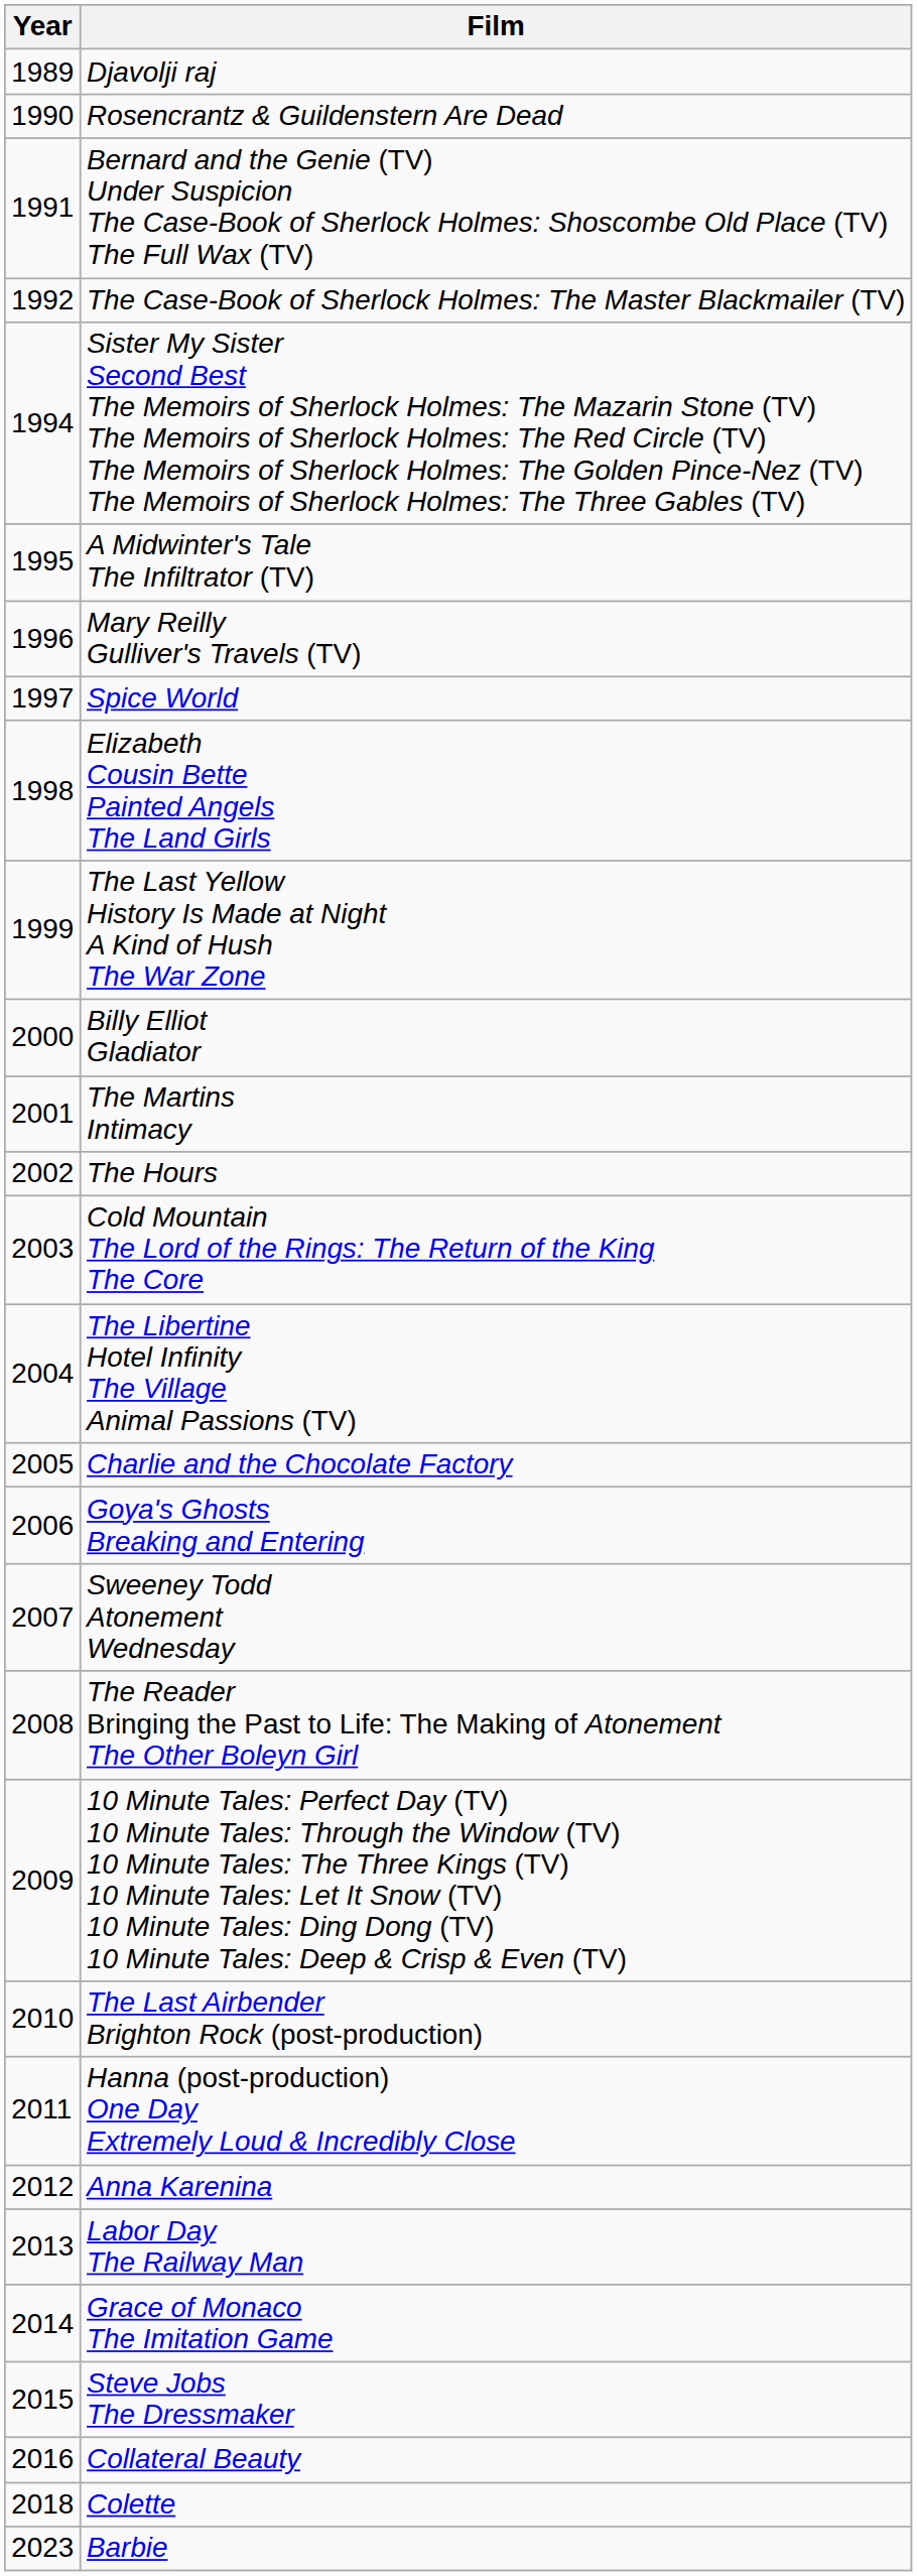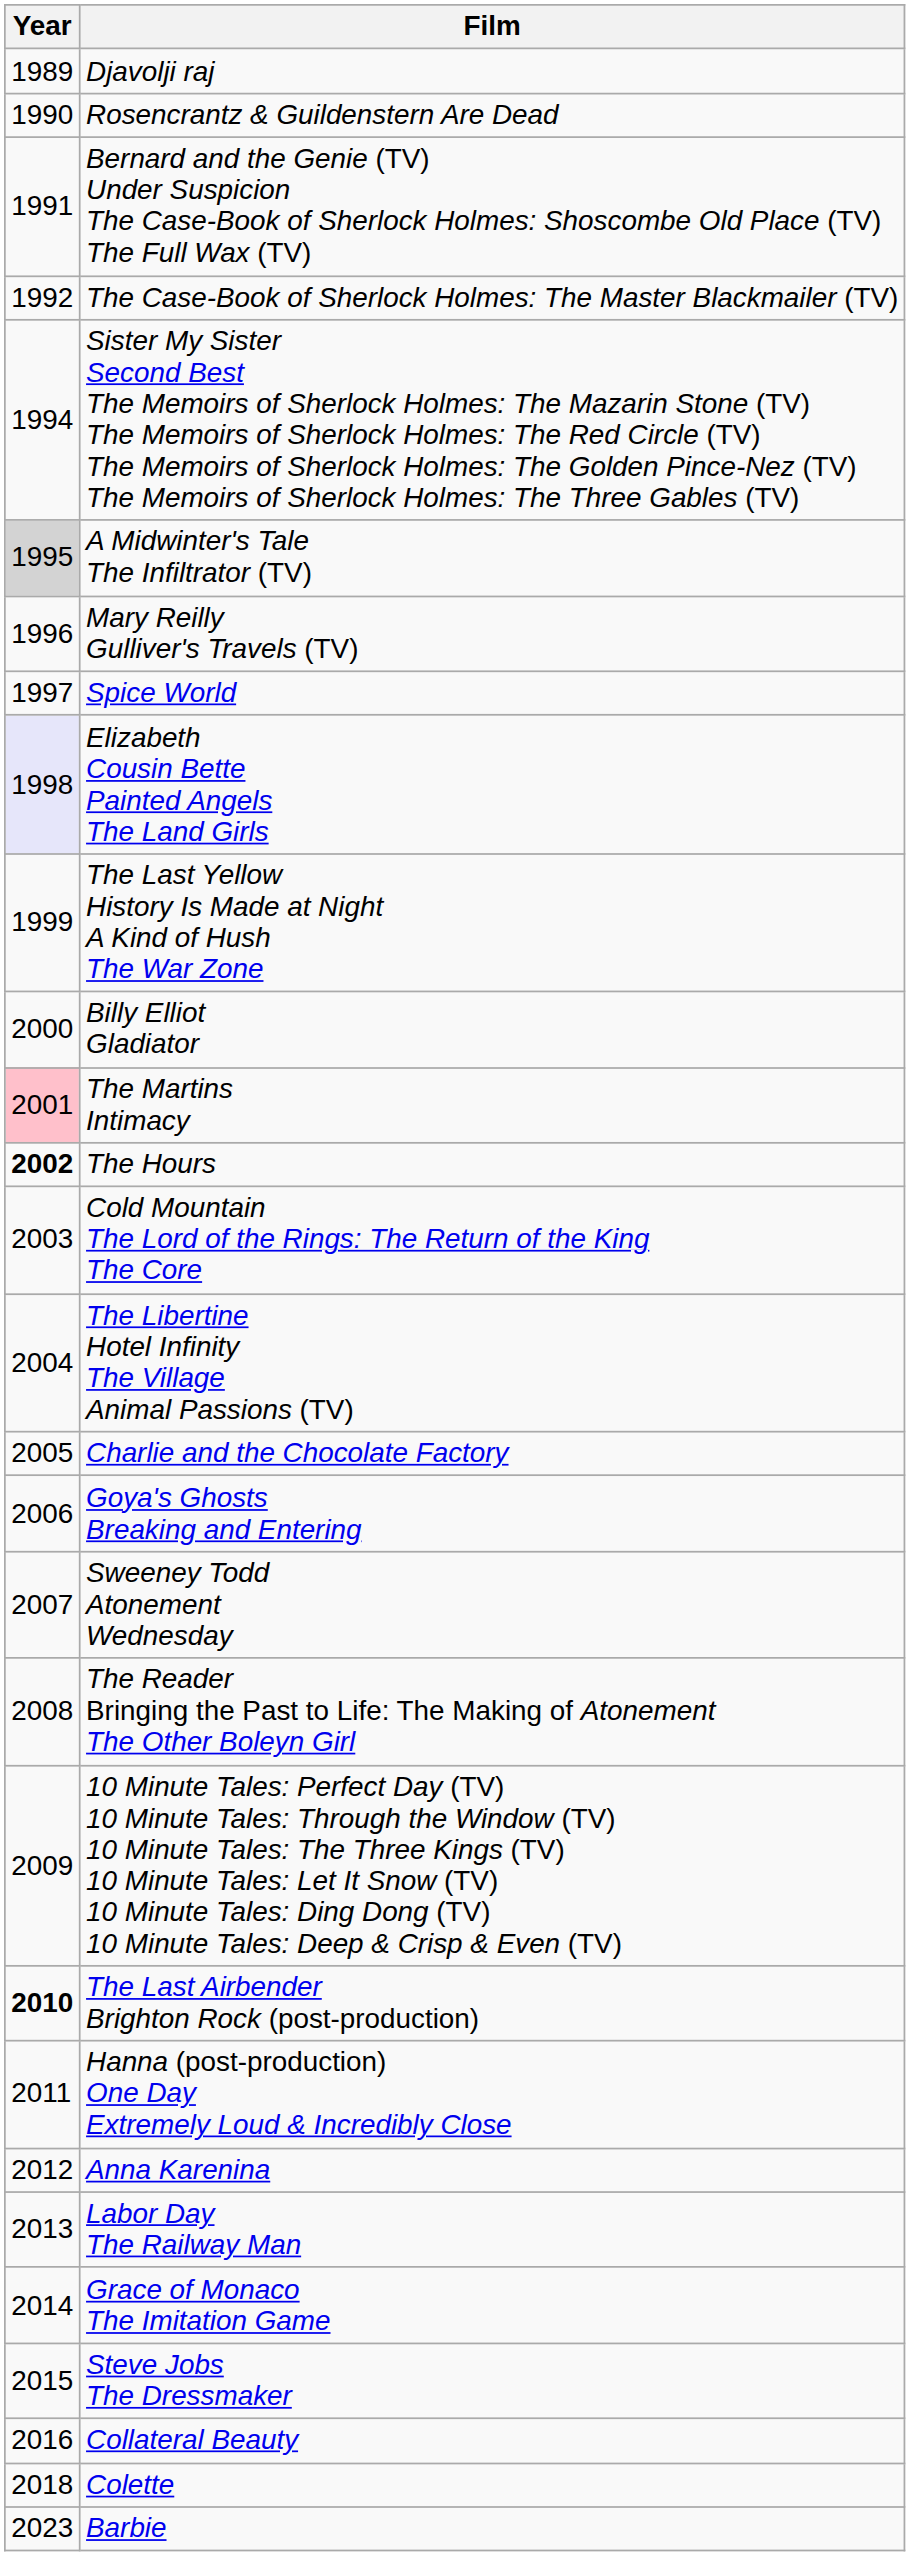 <table class="wikitable">
 <tr>
 <th>Year</th>
 <th>Film</th>
 </tr>
 <tr>
 <td>1989</td>
 <td><em>Djavolji raj</em></td>
 </tr>
 <tr>
 <td>1990</td>
 <td><em>Rosencrantz & Guildenstern Are Dead</em></td>
 </tr>
 <tr>
 <td>1991</td>
 <td><em>Bernard and the Genie</em> (TV)<br><em>Under Suspicion</em><br><em>The Case-Book of Sherlock Holmes: Shoscombe Old Place</em> (TV)<br><em>The Full Wax</em> (TV)</td>
 </tr>
 <tr>
 <td>1992</td>
 <td><em>The Case-Book of Sherlock Holmes: The Master Blackmailer</em> (TV)</td>
 </tr>
 <tr>
 <td>1994</td>
 <td><em>Sister My Sister</em><br><em><a href='#'>Second Best</a></em><br><em>The Memoirs of Sherlock Holmes: The Mazarin Stone</em> (TV)<br><em>The Memoirs of Sherlock Holmes: The Red Circle</em> (TV)<br><em>The Memoirs of Sherlock Holmes: The Golden Pince-Nez</em> (TV)<br><em>The Memoirs of Sherlock Holmes: The Three Gables</em> (TV)</td>
 </tr>
 <tr>
-<td>1995</td>
+<td style="background: lightgrey;">1995</td>
 <td><em>A Midwinter's Tale</em><br><em>The Infiltrator</em> (TV)</td>
 </tr>
 <tr>
 <td>1996</td>
 <td><em>Mary Reilly</em><br><em>Gulliver's Travels</em> (TV)</td>
 </tr>
 <tr>
 <td>1997</td>
 <td><em><a href='#'>Spice World</a></em></td>
 </tr>
 <tr>
-<td>1998</td>
+<td style="background: lavender;">1998</td>
 <td><em>Elizabeth</em><br><em><a href='#'>Cousin Bette</a></em><br><em><a href='#'>Painted Angels</a></em><br><em><a href='#'>The Land Girls</a></em></td>
 </tr>
 <tr>
 <td>1999</td>
 <td><em>The Last Yellow</em><br><em>History Is Made at Night</em><br><em>A Kind of Hush</em><br><em><a href='#'>The War Zone</a></em></td>
 </tr>
 <tr>
 <td>2000</td>
 <td><em>Billy Elliot</em><br><em>Gladiator</em></td>
 </tr>
 <tr>
-<td>2001</td>
+<td style="background: pink;">2001</td>
 <td><em>The Martins</em><br><em>Intimacy</em></td>
 </tr>
 <tr>
-<td>2002</td>
+<td><strong>2002</strong></td>
 <td><em>The Hours</em></td>
 </tr>
 <tr>
 <td>2003</td>
 <td><em>Cold Mountain</em><br><em><a href='#'>The Lord of the Rings: The Return of the King</a></em><br><em><a href='#'>The Core</a></em></td>
 </tr>
 <tr>
 <td>2004</td>
 <td><em><a href='#'>The Libertine</a></em><br><em>Hotel Infinity</em><br><em><a href='#'>The Village</a></em><br><em>Animal Passions</em> (TV)</td>
 </tr>
 <tr>
 <td>2005</td>
 <td><em><a href='#'>Charlie and the Chocolate Factory</a></em></td>
 </tr>
 <tr>
 <td>2006</td>
 <td><em><a href='#'>Goya's Ghosts</a></em><br><em><a href='#'>Breaking and Entering</a></em></td>
 </tr>
 <tr>
 <td>2007</td>
 <td><em>Sweeney Todd</em><br><em>Atonement</em><br><em>Wednesday</em></td>
 </tr>
 <tr>
 <td>2008</td>
 <td><em>The Reader</em><br>Bringing the Past to Life: The Making of <em>Atonement</em><br><em><a href='#'>The Other Boleyn Girl</a></em></td>
 </tr>
 <tr>
 <td>2009</td>
 <td><em>10 Minute Tales: Perfect Day</em> (TV)<br><em>10 Minute Tales: Through the Window</em> (TV)<br><em>10 Minute Tales: The Three Kings</em> (TV)<br><em>10 Minute Tales: Let It Snow</em> (TV)<br><em>10 Minute Tales: Ding Dong</em> (TV)<br><em>10 Minute Tales: Deep & Crisp & Even</em> (TV)</td>
 </tr>
 <tr>
-<td>2010</td>
+<td><strong>2010</strong></td>
 <td><em><a href='#'>The Last Airbender</a></em><br><em>Brighton Rock</em> (post-production)</td>
 </tr>
 <tr>
 <td>2011</td>
 <td><em>Hanna</em> (post-production)<br><em><a href='#'>One Day</a></em><br> <em><a href='#'>Extremely Loud & Incredibly Close</a></em></td>
 </tr>
 <tr>
 <td>2012</td>
 <td><em><a href='#'>Anna Karenina</a></em><br></td>
 </tr>
 <tr>
 <td>2013</td>
 <td><em><a href='#'>Labor Day</a></em><br><em><a href='#'>The Railway Man</a></em></td>
 </tr>
 <tr>
 <td>2014</td>
 <td><em><a href='#'>Grace of Monaco</a></em><br><em><a href='#'>The Imitation Game</a></em></td>
 </tr>
 <tr>
 <td>2015</td>
 <td><em><a href='#'>Steve Jobs</a></em><br><em><a href='#'>The Dressmaker</a></em></td>
 </tr>
 <tr>
 <td>2016</td>
 <td><em><a href='#'>Collateral Beauty</a></em><br></td>
 </tr>
 <tr>
 <td>2018</td>
 <td><em><a href='#'>Colette</a></em><br></td>
 </tr>
 <tr>
 <td>2023</td>
 <td><em><a href='#'>Barbie</a></em></td>
 </tr>
 </table>
